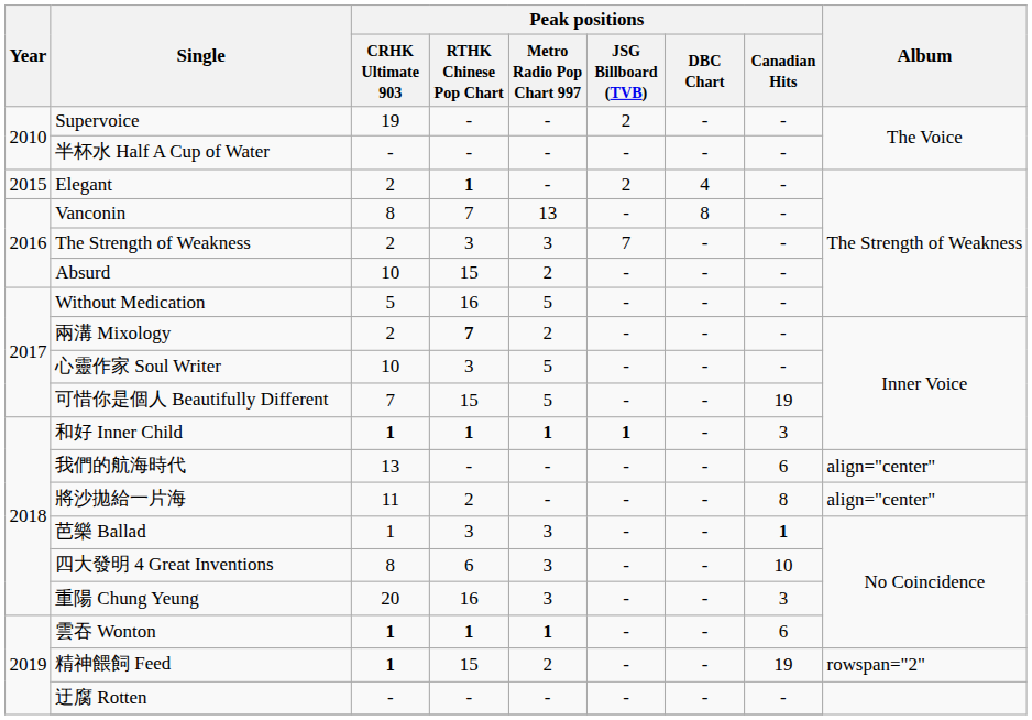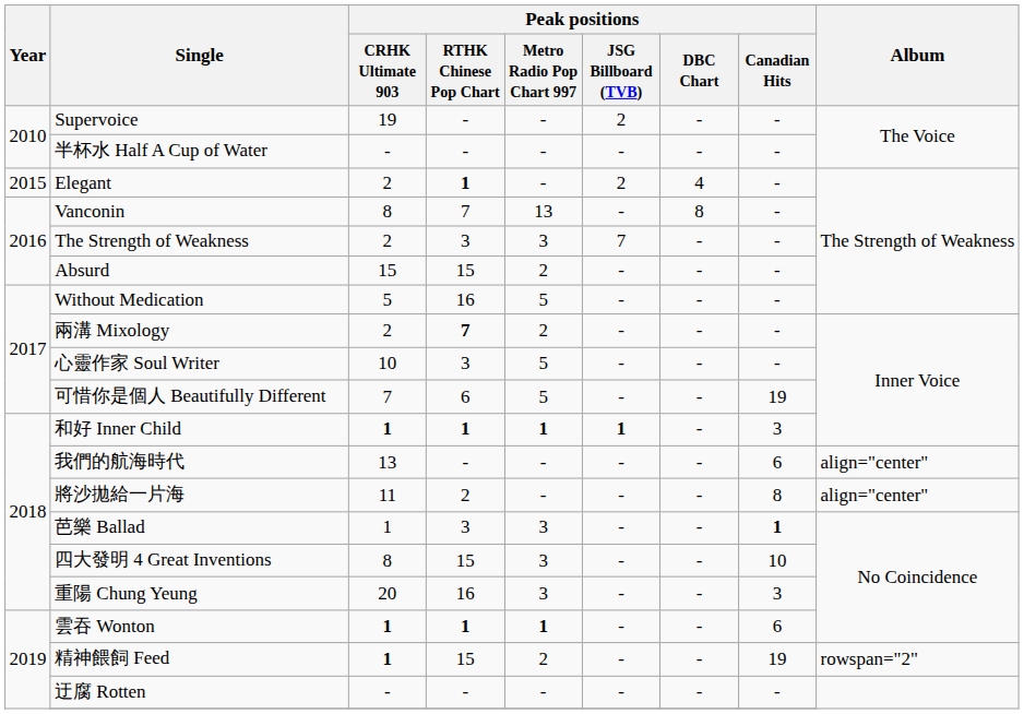 <table class="wikitable">
 <tr>
 <th rowspan="2">Year</th>
 <th rowspan="2" style="width:250px;">Single</th>
 <th colspan="6">Peak positions</th>
 <th scope="col" rowspan="2">Album</th>
 </tr>
 <tr>
 <th style="width:60px;"><small>CRHK Ultimate 903</small></th>
 <th style="width:60px;"><small>RTHK Chinese Pop Chart</small></th>
 <th style="width:60px;"><small>Metro Radio Pop Chart 997</small></th>
 <th style="width:60px;"><small>JSG Billboard (<a href='#'>TVB</a>)</small></th>
 <th style="width:60px;"><small>DBC Chart</small></th>
 <th style="width:60px;"><small>Canadian Hits</small></th>
 </tr>
 <tr>
 <td rowspan="2">2010</td>
 <td>Supervoice</td>
 <td style="text-align:center;">19</td>
 <td style="text-align:center;">-</td>
 <td style="text-align:center;">-</td>
 <td style="text-align:center;">2</td>
 <td style="text-align:center;">-</td>
 <td style="text-align:center;">-</td>
 <td rowspan="2" align="center">The Voice</td>
 </tr>
 <tr>
 <td>半杯水 Half A Cup of Water</td>
 <td style="text-align:center;">-</td>
 <td style="text-align:center;">-</td>
 <td style="text-align:center;">-</td>
 <td style="text-align:center;">-</td>
 <td style="text-align:center;">-</td>
 <td style="text-align:center;">-</td>
 </tr>
 <tr>
 <td>2015</td>
 <td>Elegant</td>
 <td style="text-align:center;">2</td>
 <td style="text-align:center;"><strong>1</strong></td>
 <td style="text-align:center;">-</td>
 <td style="text-align:center;">2</td>
 <td style="text-align:center;">4</td>
 <td style="text-align:center;">-</td>
 <td rowspan="5" align="center">The Strength of Weakness</td>
 </tr>
 <tr>
 <td rowspan="3">2016</td>
 <td>Vanconin</td>
 <td style="text-align:center;">8</td>
 <td style="text-align:center;">7</td>
 <td style="text-align:center;">13</td>
 <td style="text-align:center;">-</td>
 <td style="text-align:center;">8</td>
 <td style="text-align:center;">-</td>
 </tr>
 <tr>
 <td>The Strength of Weakness</td>
 <td style="text-align:center;">2</td>
 <td style="text-align:center;">3</td>
 <td style="text-align:center;">3</td>
 <td style="text-align:center;">7</td>
 <td style="text-align:center;">-</td>
 <td style="text-align:center;">-</td>
 </tr>
 <tr>
 <td>Absurd</td>
-<td style="text-align:center;">10</td>
+<td style="text-align:center;">15</td>
 <td style="text-align:center;">15</td>
 <td style="text-align:center;">2</td>
 <td style="text-align:center;">-</td>
 <td style="text-align:center;">-</td>
 <td style="text-align:center;">-</td>
 </tr>
 <tr>
 <td rowspan="4">2017</td>
 <td>Without Medication</td>
 <td style="text-align:center;">5</td>
 <td style="text-align:center;">16</td>
 <td style="text-align:center;">5</td>
 <td style="text-align:center;">-</td>
 <td style="text-align:center;">-</td>
 <td style="text-align:center;">-</td>
 </tr>
 <tr>
 <td>兩溝 Mixology</td>
 <td style="text-align:center;">2</td>
 <td style="text-align:center;"><strong>7</strong></td>
 <td style="text-align:center;">2</td>
 <td style="text-align:center;">-</td>
 <td style="text-align:center;">-</td>
 <td style="text-align:center;">-</td>
 <td rowspan="4" align="center">Inner Voice</td>
 </tr>
 <tr>
 <td>心靈作家 Soul Writer</td>
 <td style="text-align:center;">10</td>
 <td style="text-align:center;">3</td>
 <td style="text-align:center;">5</td>
 <td style="text-align:center;">-</td>
 <td style="text-align:center;">-</td>
 <td style="text-align:center;">-</td>
 </tr>
 <tr>
 <td>可惜你是個人 Beautifully Different</td>
 <td style="text-align:center;">7</td>
-<td style="text-align:center;">15</td>
+<td style="text-align:center;">6</td>
 <td style="text-align:center;">5</td>
 <td style="text-align:center;">-</td>
 <td style="text-align:center;">-</td>
 <td style="text-align:center;">19</td>
 </tr>
 <tr>
 <td rowspan="6">2018</td>
 <td>和好 Inner Child</td>
 <td style="text-align:center;"><strong>1</strong></td>
 <td style="text-align:center;"><strong>1</strong></td>
 <td style="text-align:center;"><strong>1</strong></td>
 <td style="text-align:center;"><strong>1</strong></td>
 <td style="text-align:center;">-</td>
 <td style="text-align:center;">3</td>
 </tr>
 <tr>
 <td>我們的航海時代</td>
 <td style="text-align:center;">13</td>
 <td style="text-align:center;">-</td>
 <td style="text-align:center;">-</td>
 <td style="text-align:center;">-</td>
 <td style="text-align:center;">-</td>
 <td style="text-align:center;">6</td>
 <td>align="center" </td>
 </tr>
 <tr>
 <td>將沙拋給一片海</td>
 <td style="text-align:center;">11</td>
 <td style="text-align:center;">2</td>
 <td style="text-align:center;">-</td>
 <td style="text-align:center;">-</td>
 <td style="text-align:center;">-</td>
 <td style="text-align:center;">8</td>
 <td>align="center" </td>
 </tr>
 <tr>
 <td>芭樂 Ballad</td>
 <td style="text-align:center;">1</td>
 <td style="text-align:center;">3</td>
 <td style="text-align:center;">3</td>
 <td style="text-align:center;">-</td>
 <td style="text-align:center;">-</td>
 <td style="text-align:center;"><strong>1</strong></td>
 <td rowspan="4" align="center">No Coincidence</td>
 </tr>
 <tr>
 <td>四大發明 4 Great Inventions</td>
 <td style="text-align:center;">8</td>
-<td style="text-align:center;">6</td>
+<td style="text-align:center;">15</td>
 <td style="text-align:center;">3</td>
 <td style="text-align:center;">-</td>
 <td style="text-align:center;">-</td>
 <td style="text-align:center;">10</td>
 </tr>
 <tr>
 <td>重陽 Chung Yeung</td>
 <td style="text-align:center;">20</td>
 <td style="text-align:center;">16</td>
 <td style="text-align:center;">3</td>
 <td style="text-align:center;">-</td>
 <td style="text-align:center;">-</td>
 <td style="text-align:center;">3</td>
 </tr>
 <tr>
 <td rowspan="4">2019</td>
 <td>雲吞 Wonton</td>
 <td style="text-align:center;"><strong>1</strong></td>
 <td style="text-align:center;"><strong>1</strong></td>
 <td style="text-align:center;"><strong>1</strong></td>
 <td style="text-align:center;">-</td>
 <td style="text-align:center;">-</td>
 <td style="text-align:center;">6</td>
 </tr>
 <tr>
 <td>精神餵飼 Feed</td>
 <td style="text-align:center;"><strong>1</strong></td>
 <td style="text-align:center;">15</td>
 <td style="text-align:center;">2</td>
 <td style="text-align:center;">-</td>
 <td style="text-align:center;">-</td>
 <td style="text-align:center;">19</td>
 <td>rowspan="2" </td>
 </tr>
 <tr>
 <td>迂腐 Rotten</td>
 <td style="text-align:center;">-</td>
 <td style="text-align:center;">-</td>
 <td style="text-align:center;">-</td>
 <td style="text-align:center;">-</td>
 <td style="text-align:center;">-</td>
 <td style="text-align:center;">-</td>
 </tr>
 <tr>
 </tr>
 </table>
